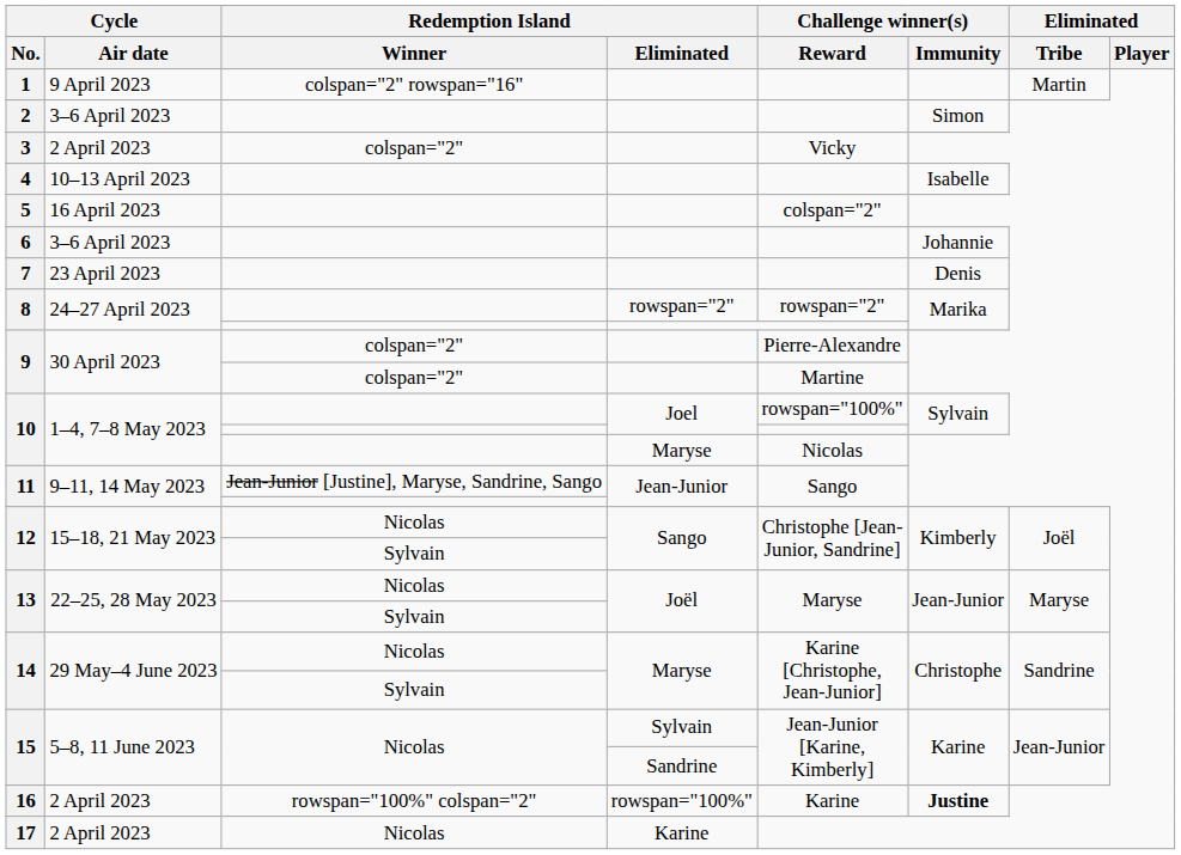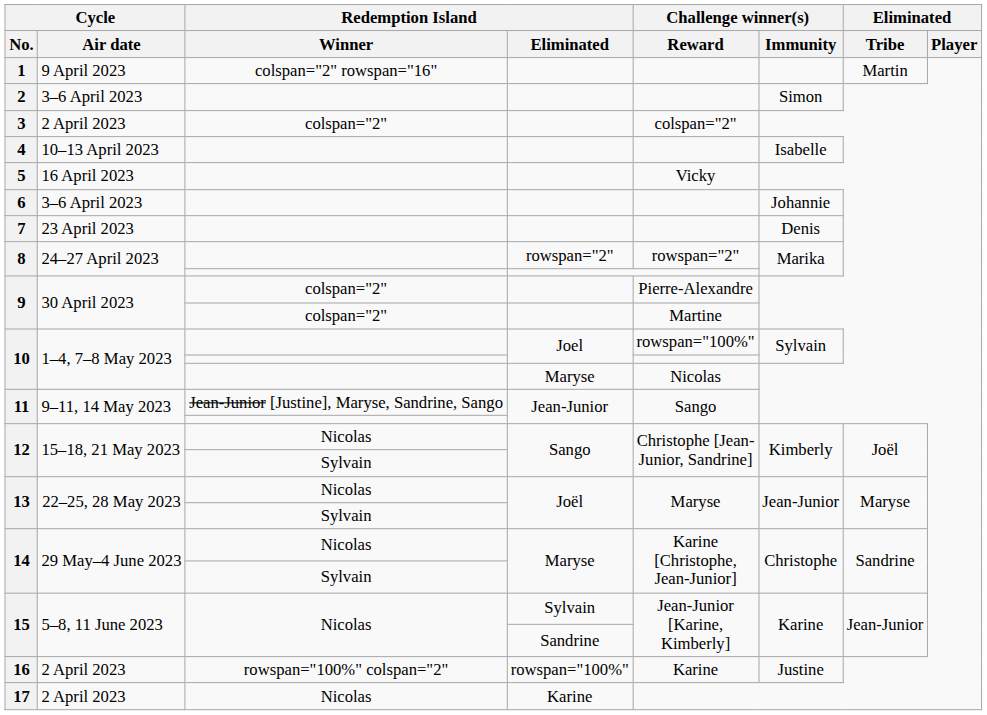 <table class="wikitable" style="margin:auto; text-align:center">
 <tr>
 <th colspan="2" scope="col">Cycle</th>
 <th colspan="2">Redemption Island</th>
 <th colspan="2" scope="col">Challenge winner(s)</th>
 <th colspan="2" scope="col">Eliminated</th>
 </tr>
 <tr>
 <th scope="col">No.</th>
 <th scope="col">Air date</th>
 <th>Winner</th>
 <th>Eliminated</th>
 <th scope="col" style="width:100px;">Reward</th>
 <th scope="col">Immunity</th>
 <th scope="col">Tribe</th>
 <th scope="col">Player</th>
 </tr>
 <tr>
 <th scope="row">1</th>
 <td style="text-align:left;">9 April 2023</td>
 <td>colspan="2" rowspan="16" </td>
 <td></td>
 <td></td>
 <td></td>
 <td>Martin</td>
 </tr>
 <tr>
 <th scope="row">2</th>
 <td style="text-align:left;">3–6 April 2023</td>
 <td></td>
 <td></td>
 <td></td>
 <td>Simon</td>
 </tr>
 <tr>
 <th scope="row">3</th>
 <td style="text-align:left;">2 April 2023</td>
 <td>colspan="2" </td>
 <td></td>
-<td>Vicky</td>
+<td>colspan="2" </td>
 </tr>
 <tr>
 <th scope="row">4</th>
 <td style="text-align:left;">10–13 April 2023</td>
 <td></td>
 <td></td>
 <td></td>
 <td>Isabelle</td>
 </tr>
 <tr>
 <th scope="row">5</th>
 <td style="text-align:left;">16 April 2023</td>
 <td></td>
 <td></td>
-<td>colspan="2" </td>
+<td>Vicky</td>
 </tr>
 <tr>
 <th scope="row">6</th>
 <td style="text-align:left;">3–6 April 2023</td>
 <td></td>
 <td></td>
 <td></td>
 <td>Johannie</td>
 </tr>
 <tr>
 <th scope="row">7</th>
 <td style="text-align:left;">23 April 2023</td>
 <td></td>
 <td></td>
 <td></td>
 <td>Denis</td>
 </tr>
 <tr>
 <th rowspan="2" scope="row">8</th>
 <td rowspan="2" style="text-align:left;">24–27 April 2023</td>
 <td></td>
 <td>rowspan="2" </td>
 <td>rowspan="2" </td>
 <td rowspan="2">Marika</td>
 </tr>
 <tr>
 <td></td>
 </tr>
 <tr>
 <th rowspan="2" scope="row">9</th>
 <td rowspan="2" style="text-align:left;">30 April 2023</td>
 <td>colspan="2" </td>
 <td></td>
 <td>Pierre-Alexandre</td>
 </tr>
 <tr>
 <td>colspan="2" </td>
 <td></td>
 <td>Martine</td>
 </tr>
 <tr>
 <th rowspan="3" scope="row">10</th>
 <td rowspan="3" style="text-align:left;">1–4, 7–8 May 2023</td>
 <td></td>
 <td rowspan="2">Joel</td>
 <td>rowspan="100%" </td>
 <td rowspan="2">Sylvain</td>
 </tr>
 <tr>
 <td></td>
 </tr>
 <tr>
 <td></td>
 <td>Maryse</td>
 <td>Nicolas</td>
 </tr>
 <tr>
 <th rowspan="2" scope="row">11</th>
 <td rowspan="2" style="text-align:left;">9–11, 14 May 2023</td>
 <td><s>Jean-Junior</s> [Justine], Maryse, Sandrine, Sango</td>
 <td rowspan="2">Jean-Junior</td>
 <td rowspan="2">Sango</td>
 </tr>
 <tr>
 <td></td>
 </tr>
 <tr>
 <th rowspan="2" scope="row">12</th>
 <td rowspan="2" style="text-align:left;">15–18, 21 May 2023</td>
 <td>Nicolas</td>
 <td rowspan="2">Sango</td>
 <td rowspan="2">Christophe [Jean-Junior, Sandrine]</td>
 <td rowspan="2">Kimberly</td>
 <td rowspan="2">Joël</td>
 </tr>
 <tr>
 <td>Sylvain</td>
 </tr>
 <tr>
 <th rowspan="2" scope="row">13</th>
 <td rowspan="2">22–25, 28 May 2023</td>
 <td>Nicolas</td>
 <td rowspan="2">Joël</td>
 <td rowspan="2">Maryse</td>
 <td rowspan="2">Jean-Junior</td>
 <td rowspan="2">Maryse</td>
 </tr>
 <tr>
 <td>Sylvain</td>
 </tr>
 <tr>
 <th rowspan="2" scope="row">14</th>
 <td rowspan="2" style="text-align:left;">29 May–4 June 2023</td>
 <td>Nicolas</td>
 <td rowspan="2">Maryse</td>
 <td rowspan="2">Karine [Christophe, Jean-Junior]</td>
 <td rowspan="2">Christophe</td>
 <td rowspan="2">Sandrine</td>
 </tr>
 <tr>
 <td>Sylvain</td>
 </tr>
 <tr>
 <th rowspan="2" scope="row">15</th>
 <td rowspan="2" style="text-align:left;">5–8, 11 June 2023</td>
 <td rowspan="2">Nicolas</td>
 <td>Sylvain</td>
 <td rowspan="2">Jean-Junior [Karine, Kimberly]</td>
 <td rowspan="2">Karine</td>
 <td rowspan="2">Jean-Junior</td>
 </tr>
 <tr>
 <td>Sandrine</td>
 </tr>
 <tr>
 <th scope="row">16</th>
 <td style="text-align:left;">2 April 2023</td>
 <td>rowspan="100%" colspan="2" </td>
 <td>rowspan="100%" </td>
 <td>Karine</td>
-<td><strong>Justine</strong></td>
+<td>Justine</td>
 </tr>
 <tr>
 <th scope="row">17</th>
 <td style="text-align:left;">2 April 2023</td>
 <td>Nicolas</td>
 <td>Karine</td>
 </tr>
 </table>
